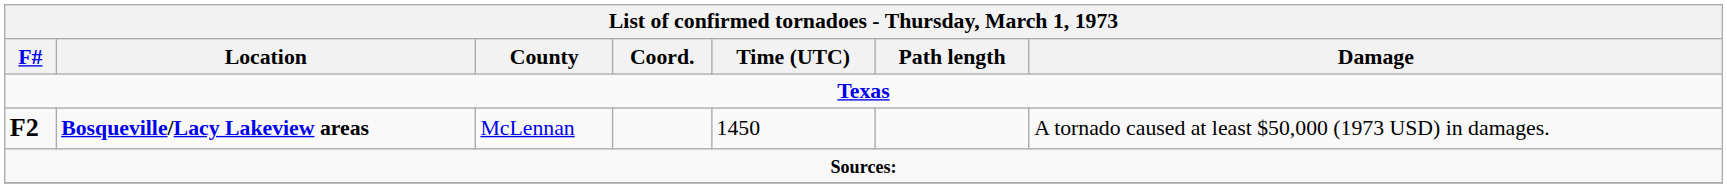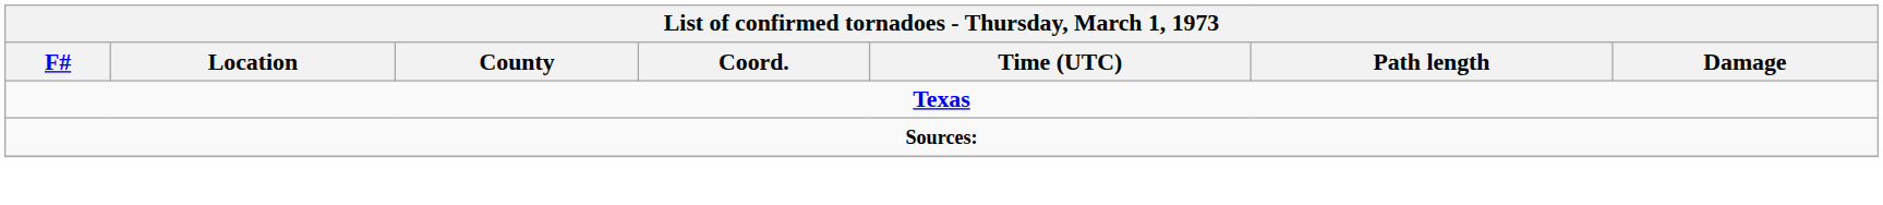 <table class="wikitable collapsible" width="100%">
 <tr>
 <th colspan="7">List of confirmed tornadoes - Thursday, March 1, 1973</th>
 </tr>
 <tr>
 <th><a href='#'>F#</a></th>
 <th>Location</th>
 <th>County</th>
 <th>Coord.</th>
 <th>Time (UTC)</th>
 <th>Path length</th>
 <th>Damage</th>
 </tr>
 <tr>
 <td colspan="7" align=center><strong><a href='#'>Texas</a></strong></td>
 </tr>
 <tr>
-<td><big><strong>F2</strong></big></td>
-<td><strong><a href='#'>Bosqueville</a>/<a href='#'>Lacy Lakeview</a> areas</strong></td>
-<td><a href='#'>McLennan</a></td>
-<td></td>
-<td>1450</td>
-<td></td>
-<td>A tornado caused at least $50,000 (1973 USD) in damages.</td>
-</tr>
-<tr>
 <td colspan="7" align=center><small><strong>Sources:</strong> </small></td>
 </tr>
 <tr>
 </tr>
 </table>
